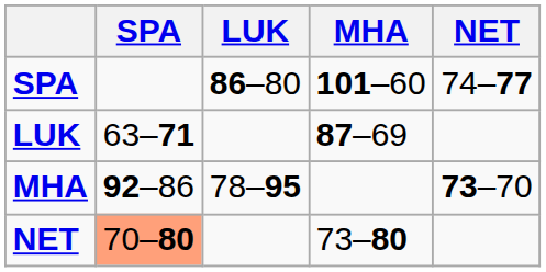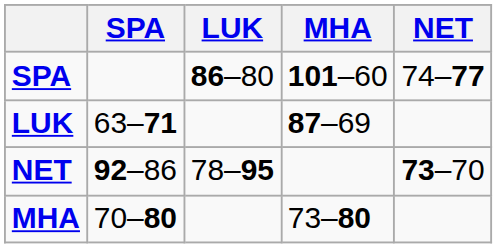 <table class="wikitable">
 <tr>
 <th></th>
 <th> <a href='#'><strong>SPA</strong></a></th>
 <th> <a href='#'><strong>LUK</strong></a></th>
 <th> <a href='#'><strong>MHA</strong></a></th>
 <th> <a href='#'><strong>NET</strong></a></th>
 </tr>
 <tr>
 <td> <a href='#'><strong>SPA</strong></a></td>
 <td></td>
 <td><strong>86</strong>–80</td>
 <td><strong>101</strong>–60</td>
 <td>74–<strong>77</strong></td>
 </tr>
 <tr>
 <td> <a href='#'><strong>LUK</strong></a></td>
 <td>63–<strong>71</strong></td>
 <td></td>
 <td><strong>87</strong>–69</td>
 <td></td>
 </tr>
 <tr>
-<td> <a href='#'><strong>MHA</strong></a></td>
+<td> <a href='#'><strong>NET</strong></a></td>
 <td><strong>92</strong>–86</td>
 <td>78–<strong>95</strong></td>
 <td></td>
 <td><strong>73</strong>–70</td>
 </tr>
 <tr>
-<td> <a href='#'><strong>NET</strong></a></td>
-<td style="background: lightsalmon;">70–<strong>80</strong></td>
+<td> <a href='#'><strong>MHA</strong></a></td>
+<td>70–<strong>80</strong></td>
 <td></td>
 <td>73–<strong>80</strong></td>
 <td></td>
 </tr>
 </table>
